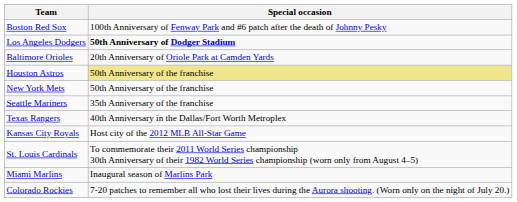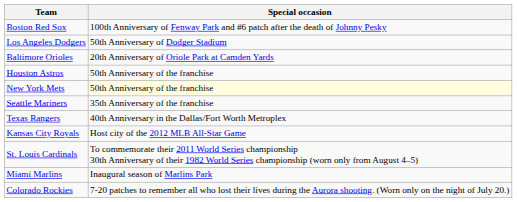 <table class="wikitable" style="font-size:90%;">
 <tr>
 <th>Team</th>
 <th>Special occasion</th>
 </tr>
 <tr>
 <td><a href='#'>Boston Red Sox</a></td>
 <td>100th Anniversary of <a href='#'>Fenway Park</a> and #6 patch after the death of <a href='#'>Johnny Pesky</a></td>
 </tr>
 <tr>
 <td><a href='#'>Los Angeles Dodgers</a></td>
-<td><strong>50th Anniversary of <a href='#'>Dodger Stadium</a></strong></td>
+<td>50th Anniversary of <a href='#'>Dodger Stadium</a></td>
 </tr>
 <tr>
 <td><a href='#'>Baltimore Orioles</a></td>
 <td>20th Anniversary of <a href='#'>Oriole Park at Camden Yards</a></td>
 </tr>
 <tr>
 <td><a href='#'>Houston Astros</a></td>
-<td style="background: khaki;">50th Anniversary of the franchise</td>
+<td>50th Anniversary of the franchise</td>
 </tr>
 <tr>
 <td><a href='#'>New York Mets</a></td>
-<td>50th Anniversary of the franchise</td>
+<td style="background: lightyellow;">50th Anniversary of the franchise</td>
 </tr>
 <tr>
 <td><a href='#'>Seattle Mariners</a></td>
 <td>35th Anniversary of the franchise</td>
 </tr>
 <tr>
 <td><a href='#'>Texas Rangers</a></td>
 <td>40th Anniversary in the Dallas/Fort Worth Metroplex</td>
 </tr>
 <tr>
 <td><a href='#'>Kansas City Royals</a></td>
 <td>Host city of the <a href='#'>2012 MLB All-Star Game</a></td>
 </tr>
 <tr>
 <td><a href='#'>St. Louis Cardinals</a></td>
 <td>To commemorate their <a href='#'>2011 World Series</a> championship<br>30th Anniversary of their <a href='#'>1982 World Series</a> championship (worn only from August 4–5)</td>
 </tr>
 <tr>
 <td><a href='#'>Miami Marlins</a></td>
 <td>Inaugural season of <a href='#'>Marlins Park</a></td>
 </tr>
 <tr>
 <td><a href='#'>Colorado Rockies</a></td>
 <td>7-20 patches to remember all who lost their lives during the <a href='#'>Aurora shooting</a>. (Worn only on the night of July 20.)</td>
 </tr>
 </table>
